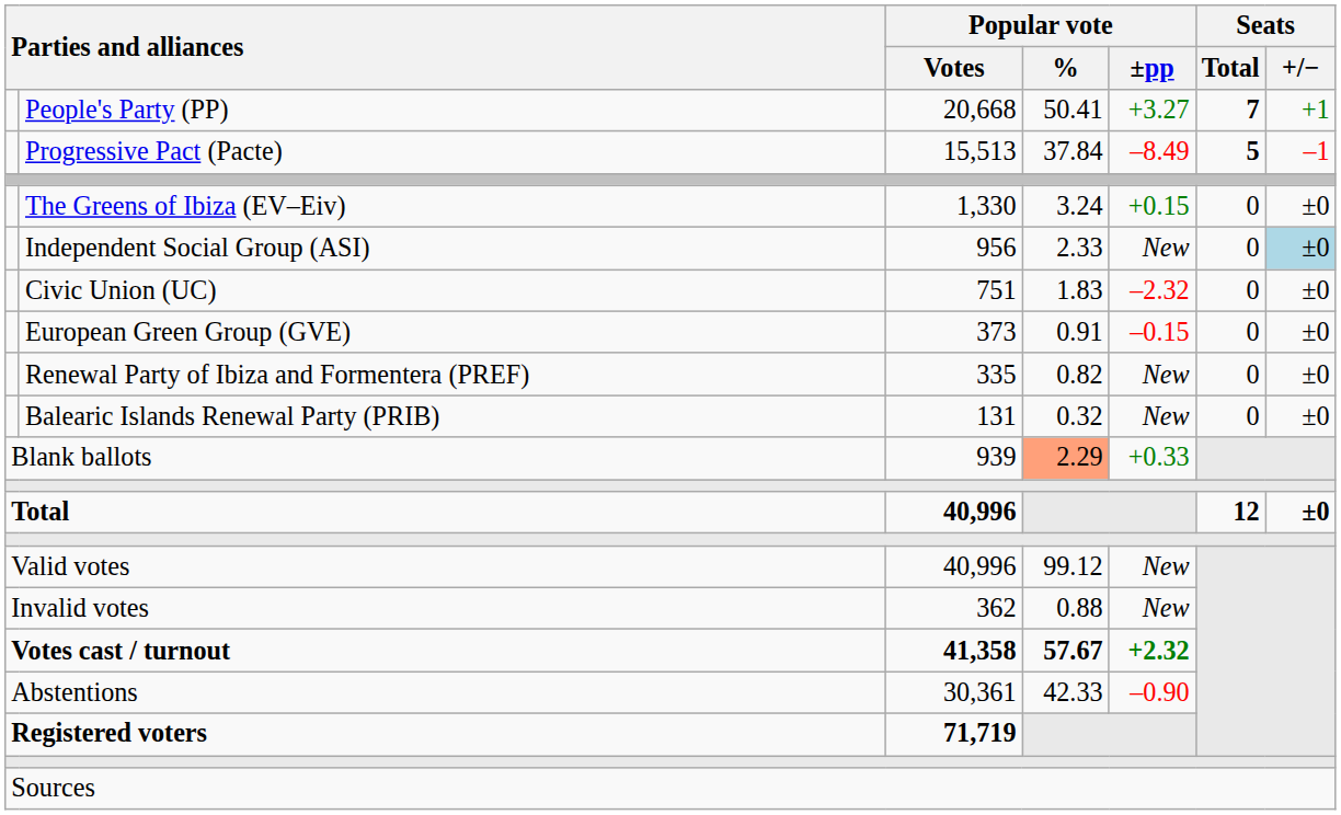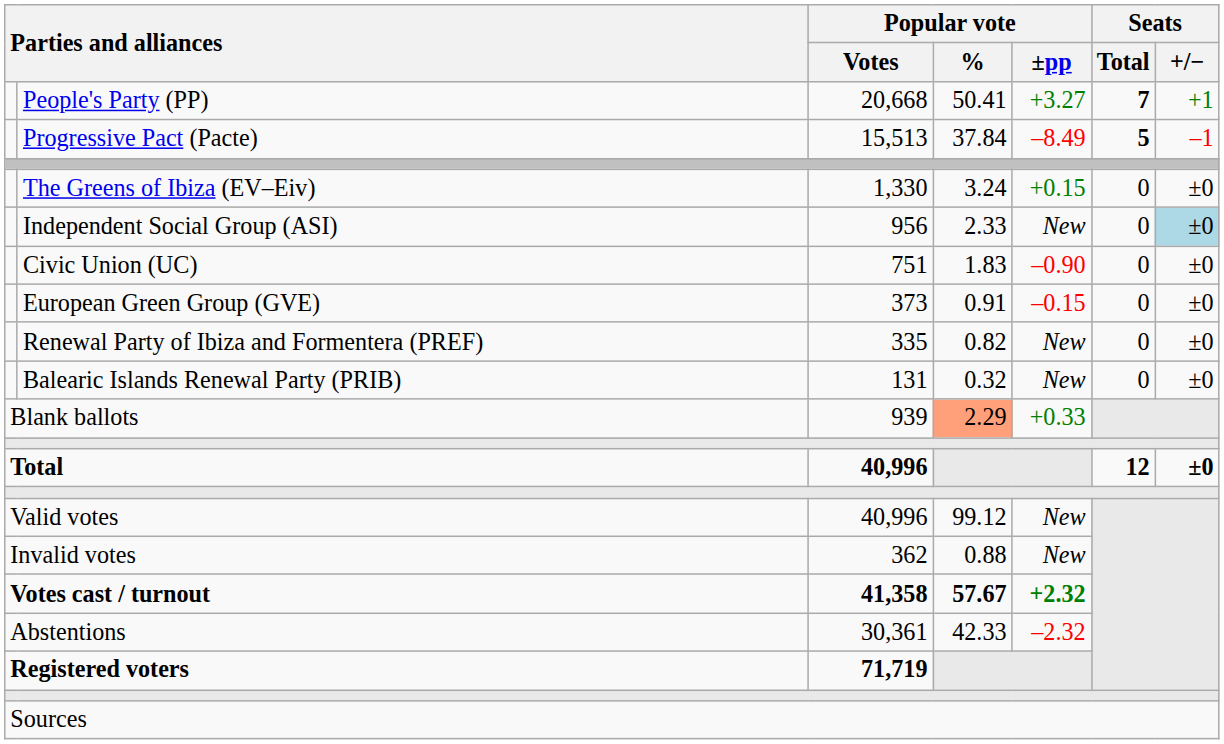 <table class="wikitable" style="text-align:right;">
 <tr>
 <th style="text-align:left;" rowspan="2" colspan="2" width="525">Parties and alliances</th>
 <th colspan="3">Popular vote</th>
 <th colspan="2">Seats</th>
 </tr>
 <tr>
 <th width="75">Votes</th>
 <th width="45">%</th>
 <th width="45">±<a href='#'>pp</a></th>
 <th width="35">Total</th>
 <th width="35">+/−</th>
 </tr>
 <tr>
 <td width="1" style="color:inherit;background:"></td>
 <td align="left"><a href='#'>People's Party</a> (PP)</td>
 <td>20,668</td>
 <td>50.41</td>
 <td style="color:green;">+3.27</td>
 <td><strong>7</strong></td>
 <td style="color:green;">+1</td>
 </tr>
 <tr>
 <td style="color:inherit;background:"></td>
 <td align="left"><a href='#'>Progressive Pact</a> (Pacte)</td>
 <td>15,513</td>
 <td>37.84</td>
 <td style="color:red;">–8.49</td>
 <td><strong>5</strong></td>
 <td style="color:red;">–1</td>
 </tr>
 <tr>
 <td colspan="7" bgcolor="#C0C0C0"></td>
 </tr>
 <tr>
 <td style="color:inherit;background:"></td>
 <td align="left"><a href='#'>The Greens of Ibiza</a> (EV–Eiv)</td>
 <td>1,330</td>
 <td>3.24</td>
 <td style="color:green;">+0.15</td>
 <td>0</td>
 <td>±0</td>
 </tr>
 <tr>
 <td style="color:inherit;background:"></td>
 <td align="left">Independent Social Group (ASI)</td>
 <td>956</td>
 <td>2.33</td>
 <td><em>New</em></td>
 <td>0</td>
 <td style="background: lightblue;">±0</td>
 </tr>
 <tr>
 <td style="color:inherit;background:"></td>
 <td align="left">Civic Union (UC)</td>
 <td>751</td>
 <td>1.83</td>
-<td style="color:red;">–2.32</td>
+<td style="color:red;">–0.90</td>
 <td>0</td>
 <td>±0</td>
 </tr>
 <tr>
 <td style="color:inherit;background:"></td>
 <td align="left">European Green Group (GVE)</td>
 <td>373</td>
 <td>0.91</td>
 <td style="color:red;">–0.15</td>
 <td>0</td>
 <td>±0</td>
 </tr>
 <tr>
 <td style="color:inherit;background:"></td>
 <td align="left">Renewal Party of Ibiza and Formentera (PREF)</td>
 <td>335</td>
 <td>0.82</td>
 <td><em>New</em></td>
 <td>0</td>
 <td>±0</td>
 </tr>
 <tr>
 <td style="color:inherit;background:"></td>
 <td align="left">Balearic Islands Renewal Party (PRIB)</td>
 <td>131</td>
 <td>0.32</td>
 <td><em>New</em></td>
 <td>0</td>
 <td>±0</td>
 </tr>
 <tr>
 <td align="left" colspan="2">Blank ballots</td>
 <td>939</td>
 <td style="background: lightsalmon;">2.29</td>
 <td style="color:green;">+0.33</td>
 <td bgcolor="#E9E9E9" colspan="2"></td>
 </tr>
 <tr>
 <td colspan="7" bgcolor="#E9E9E9"></td>
 </tr>
 <tr style="font-weight:bold;">
 <td align="left" colspan="2">Total</td>
 <td>40,996</td>
 <td bgcolor="#E9E9E9" colspan="2"></td>
 <td>12</td>
 <td>±0</td>
 </tr>
 <tr>
 <td colspan="7" bgcolor="#E9E9E9"></td>
 </tr>
 <tr>
 <td align="left" colspan="2">Valid votes</td>
 <td>40,996</td>
 <td>99.12</td>
 <td><em>New</em></td>
 <td bgcolor="#E9E9E9" colspan="2" rowspan="5"></td>
 </tr>
 <tr>
 <td align="left" colspan="2">Invalid votes</td>
 <td>362</td>
 <td>0.88</td>
 <td><em>New</em></td>
 </tr>
 <tr style="font-weight:bold;">
 <td align="left" colspan="2">Votes cast / turnout</td>
 <td>41,358</td>
 <td>57.67</td>
 <td style="color:green;">+2.32</td>
 </tr>
 <tr>
 <td align="left" colspan="2">Abstentions</td>
 <td>30,361</td>
 <td>42.33</td>
-<td style="color:red;">–0.90</td>
+<td style="color:red;">–2.32</td>
 </tr>
 <tr style="font-weight:bold;">
 <td align="left" colspan="2">Registered voters</td>
 <td>71,719</td>
 <td bgcolor="#E9E9E9" colspan="2"></td>
 </tr>
 <tr>
 <td colspan="7" bgcolor="#E9E9E9"></td>
 </tr>
 <tr>
 <td align="left" colspan="7">Sources</td>
 </tr>
 </table>
